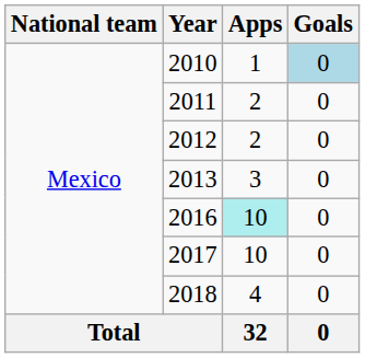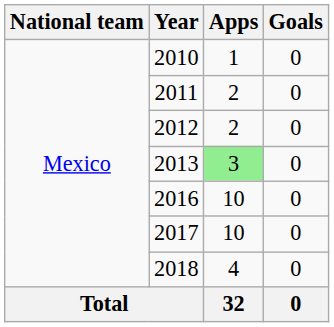 <table class="wikitable" style="text-align: center;">
 <tr>
 <th>National team</th>
 <th>Year</th>
 <th>Apps</th>
 <th>Goals</th>
 </tr>
 <tr>
 <td rowspan="7" valign="center"><a href='#'>Mexico</a></td>
 <td>2010</td>
 <td>1</td>
-<td style="background: lightblue;">0</td>
+<td>0</td>
 </tr>
 <tr>
 <td>2011</td>
 <td>2</td>
 <td>0</td>
 </tr>
 <tr>
 <td>2012</td>
 <td>2</td>
 <td>0</td>
 </tr>
 <tr>
 <td>2013</td>
-<td>3</td>
+<td style="background: lightgreen;">3</td>
 <td>0</td>
 </tr>
 <tr>
 <td>2016</td>
-<td style="background: paleturquoise;">10</td>
+<td>10</td>
 <td>0</td>
 </tr>
 <tr>
 <td>2017</td>
 <td>10</td>
 <td>0</td>
 </tr>
 <tr>
 <td>2018</td>
 <td>4</td>
 <td>0</td>
 </tr>
 <tr>
 <th colspan="2">Total</th>
 <th>32</th>
 <th>0</th>
 </tr>
 </table>
